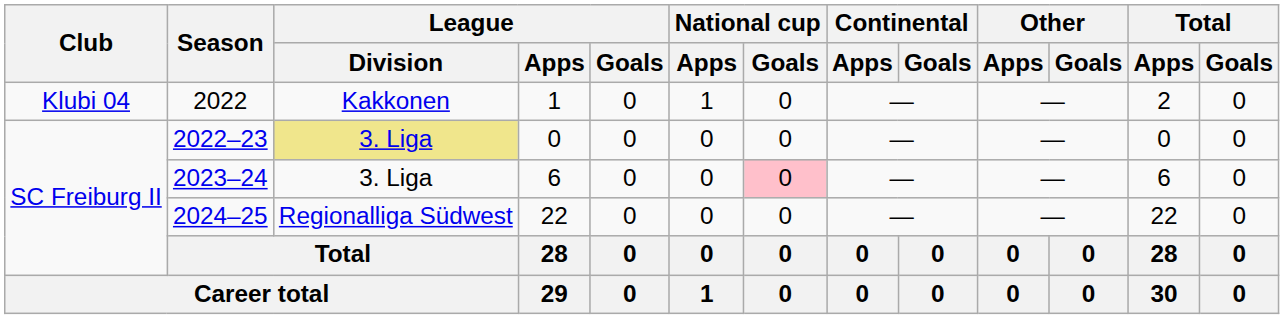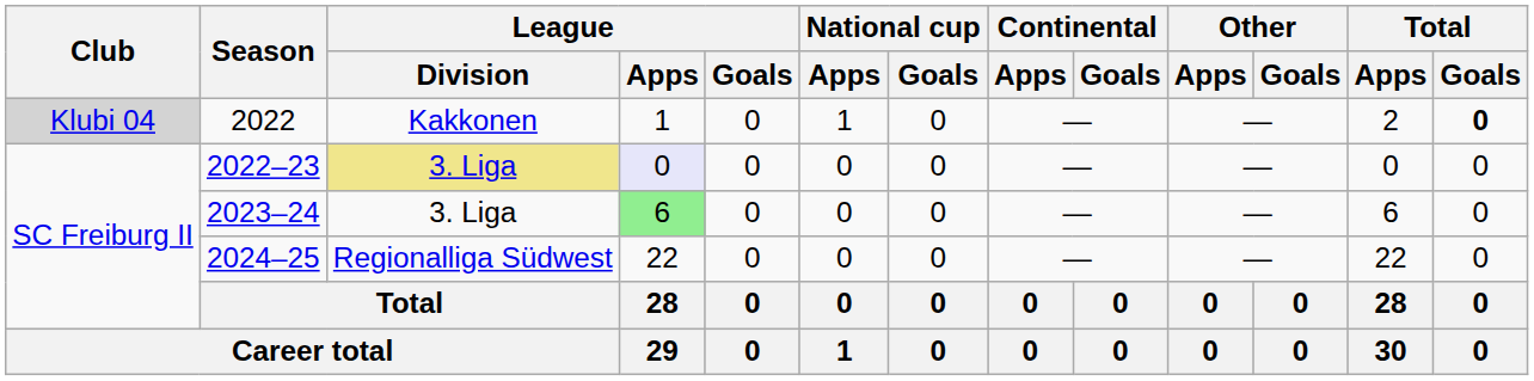 <table class="wikitable" style="text-align:center">
 <tr>
 <th rowspan="2">Club</th>
 <th rowspan="2">Season</th>
 <th colspan="3">League</th>
 <th colspan="2">National cup</th>
 <th colspan="2">Continental</th>
 <th colspan="2">Other</th>
 <th colspan="2">Total</th>
 </tr>
 <tr>
 <th>Division</th>
 <th>Apps</th>
 <th>Goals</th>
 <th>Apps</th>
 <th>Goals</th>
 <th>Apps</th>
 <th>Goals</th>
 <th>Apps</th>
 <th>Goals</th>
 <th>Apps</th>
 <th>Goals</th>
 </tr>
 <tr>
-<td><a href='#'>Klubi 04</a></td>
+<td style="background: lightgrey;"><a href='#'>Klubi 04</a></td>
 <td>2022</td>
 <td><a href='#'>Kakkonen</a></td>
 <td>1</td>
 <td>0</td>
 <td>1</td>
 <td>0</td>
 <td colspan="2">—</td>
 <td colspan="2">—</td>
 <td>2</td>
-<td>0</td>
+<td><strong>0</strong></td>
 </tr>
 <tr>
 <td rowspan="4"><a href='#'>SC Freiburg II</a></td>
 <td><a href='#'>2022–23</a></td>
 <td style="background: khaki;"><a href='#'>3. Liga</a></td>
-<td>0</td>
+<td style="background: lavender;">0</td>
 <td>0</td>
 <td>0</td>
 <td>0</td>
 <td colspan="2">—</td>
 <td colspan="2">—</td>
 <td>0</td>
 <td>0</td>
 </tr>
 <tr>
 <td><a href='#'>2023–24</a></td>
 <td>3. Liga</td>
-<td>6</td>
+<td style="background: lightgreen;">6</td>
 <td>0</td>
 <td>0</td>
-<td style="background: pink;">0</td>
+<td>0</td>
 <td colspan="2">—</td>
 <td colspan="2">—</td>
 <td>6</td>
 <td>0</td>
 </tr>
 <tr>
 <td><a href='#'>2024–25</a></td>
 <td><a href='#'>Regionalliga Südwest</a></td>
 <td>22</td>
 <td>0</td>
 <td>0</td>
 <td>0</td>
 <td colspan="2">—</td>
 <td colspan="2">—</td>
 <td>22</td>
 <td>0</td>
 </tr>
 <tr>
 <th colspan="2">Total</th>
 <th>28</th>
 <th>0</th>
 <th>0</th>
 <th>0</th>
 <th>0</th>
 <th>0</th>
 <th>0</th>
 <th>0</th>
 <th>28</th>
 <th>0</th>
 </tr>
 <tr>
 <th colspan="3">Career total</th>
 <th>29</th>
 <th>0</th>
 <th>1</th>
 <th>0</th>
 <th>0</th>
 <th>0</th>
 <th>0</th>
 <th>0</th>
 <th>30</th>
 <th>0</th>
 </tr>
 </table>
